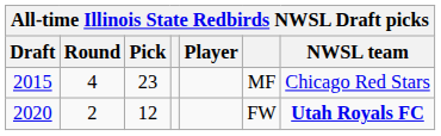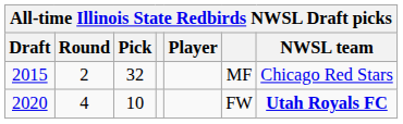 <table class="wikitable sortable" style="text-align: center;">
 <tr>
 <th colspan="7" style="background:#">All-time <a href='#'><span>Illinois State Redbirds</span></a> NWSL Draft picks</th>
 </tr>
 <tr>
 <th scope="col">Draft</th>
 <th scope="col">Round</th>
 <th scope="col">Pick</th>
 <th scope="col"></th>
 <th scope="col">Player</th>
 <th scope="col"></th>
 <th scope="col">NWSL team</th>
 </tr>
 <tr>
 <td><a href='#'>2015</a></td>
-<td>4</td>
-<td>23</td>
+<td>2</td>
+<td>32</td>
 <td></td>
 <td></td>
 <td>MF</td>
 <td><a href='#'>Chicago Red Stars</a></td>
 </tr>
 <tr>
 <td><a href='#'>2020</a></td>
-<td>2</td>
-<td>12</td>
+<td>4</td>
+<td>10</td>
 <td></td>
 <td></td>
 <td>FW</td>
 <td><strong><a href='#'>Utah Royals FC</a></strong></td>
 </tr>
 </table>
